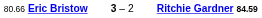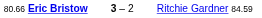 <table style="text-align:center">
 <tr>
 <th width=223></th>
 <th width=100></th>
 <th width=223></th>
 </tr>
 <tr>
 <td align=right><small>80.66</small> <strong><a href='#'>Eric Bristow</a></strong> </td>
 <td><strong>3</strong> – 2</td>
-<td align=left><strong> <a href='#'>Ritchie Gardner</a> <small>84.59</small></strong></td>
+<td align=left> <a href='#'>Ritchie Gardner</a> <small>84.59</small></td>
 </tr>
 </table>
